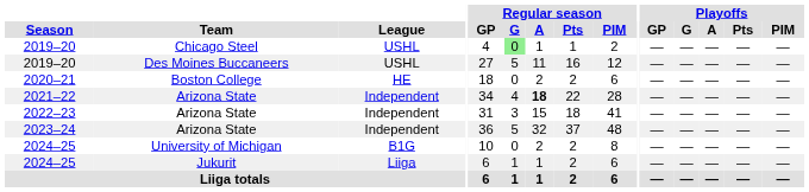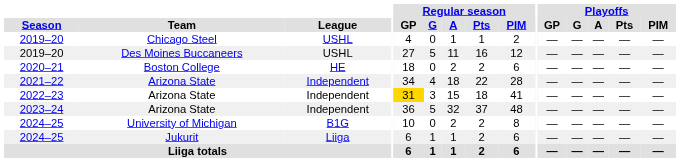 <table border="0" cellpadding="1" cellspacing="0" style="text-align:center; width:60em">
 <tr bgcolor="#e0e0e0">
 <th colspan="3" bgcolor="#ffffff"></th>
 <th rowspan="101" bgcolor="#ffffff"></th>
 <th colspan="5"><a href='#'>Regular season</a></th>
 <th rowspan="101" bgcolor="#ffffff"></th>
 <th colspan="5"><a href='#'>Playoffs</a></th>
 </tr>
 <tr bgcolor="#e0e0e0">
 <th><a href='#'>Season</a></th>
 <th>Team</th>
 <th>League</th>
 <th>GP</th>
 <th><a href='#'>G</a></th>
 <th><a href='#'>A</a></th>
 <th><a href='#'>Pts</a></th>
 <th><a href='#'>PIM</a></th>
 <th>GP</th>
 <th>G</th>
 <th>A</th>
 <th>Pts</th>
 <th>PIM</th>
 </tr>
 <tr>
 <td><a href='#'>2019–20</a></td>
 <td><a href='#'>Chicago Steel</a></td>
 <td><a href='#'>USHL</a></td>
 <td>4</td>
-<td style="background: lightgreen;">0</td>
+<td>0</td>
 <td>1</td>
 <td>1</td>
 <td>2</td>
 <td>—</td>
 <td>—</td>
 <td>—</td>
 <td>—</td>
 <td>—</td>
 </tr>
 <tr bgcolor="#f0f0f0">
 <td>2019–20</td>
 <td><a href='#'>Des Moines Buccaneers</a></td>
 <td>USHL</td>
 <td>27</td>
 <td>5</td>
 <td>11</td>
 <td>16</td>
 <td>12</td>
 <td>—</td>
 <td>—</td>
 <td>—</td>
 <td>—</td>
 <td>—</td>
 </tr>
 <tr>
 <td><a href='#'>2020–21</a></td>
 <td><a href='#'>Boston College</a></td>
 <td><a href='#'>HE</a></td>
 <td>18</td>
 <td>0</td>
 <td>2</td>
 <td>2</td>
 <td>6</td>
 <td>—</td>
 <td>—</td>
 <td>—</td>
 <td>—</td>
 <td>—</td>
 </tr>
 <tr bgcolor="#f0f0f0">
 <td><a href='#'>2021–22</a></td>
 <td><a href='#'>Arizona State</a></td>
 <td><a href='#'>Independent</a></td>
 <td>34</td>
 <td>4</td>
-<td><strong>18</strong></td>
+<td>18</td>
 <td>22</td>
 <td>28</td>
 <td>—</td>
 <td>—</td>
 <td>—</td>
 <td>—</td>
 <td>—</td>
 </tr>
 <tr>
 <td><a href='#'>2022–23</a></td>
 <td>Arizona State</td>
 <td>Independent</td>
-<td>31</td>
+<td style="background: gold;">31</td>
 <td>3</td>
 <td>15</td>
 <td>18</td>
 <td>41</td>
 <td>—</td>
 <td>—</td>
 <td>—</td>
 <td>—</td>
 <td>—</td>
 </tr>
 <tr bgcolor="#f0f0f0">
 <td><a href='#'>2023–24</a></td>
 <td>Arizona State</td>
 <td>Independent</td>
 <td>36</td>
 <td>5</td>
 <td>32</td>
 <td>37</td>
 <td>48</td>
 <td>—</td>
 <td>—</td>
 <td>—</td>
 <td>—</td>
 <td>—</td>
 </tr>
 <tr>
 <td><a href='#'>2024–25</a></td>
 <td><a href='#'>University of Michigan</a></td>
 <td><a href='#'>B1G</a></td>
 <td>10</td>
 <td>0</td>
 <td>2</td>
 <td>2</td>
 <td>8</td>
 <td>—</td>
 <td>—</td>
 <td>—</td>
 <td>—</td>
 <td>—</td>
 </tr>
 <tr bgcolor="#f0f0f0">
 <td><a href='#'>2024–25</a></td>
 <td><a href='#'>Jukurit</a></td>
 <td><a href='#'>Liiga</a></td>
 <td>6</td>
 <td>1</td>
 <td>1</td>
 <td>2</td>
 <td>6</td>
 <td>—</td>
 <td>—</td>
 <td>—</td>
 <td>—</td>
 <td>—</td>
 </tr>
 <tr bgcolor="#e0e0e0">
 <th colspan="3">Liiga totals</th>
 <th>6</th>
 <th>1</th>
 <th>1</th>
 <th>2</th>
 <th>6</th>
 <th>—</th>
 <th>—</th>
 <th>—</th>
 <th>—</th>
 <th>—</th>
 </tr>
 </table>
